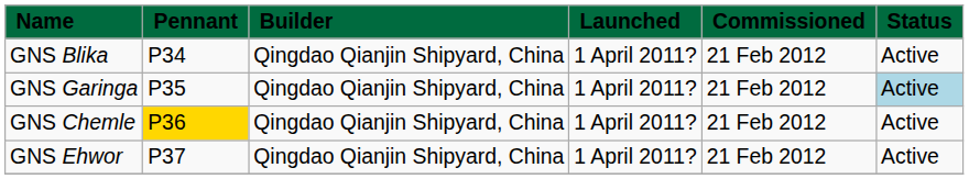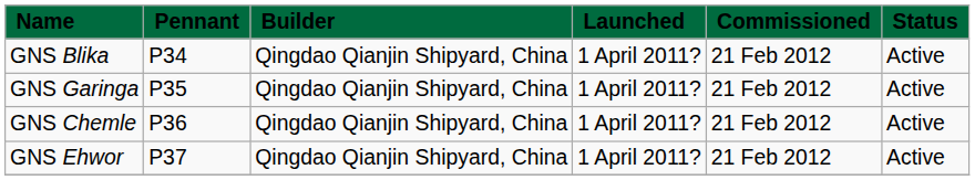 <table class="wikitable">
 <tr ---- bgcolor=#006b3f>
 <td><strong><span> Name </span></strong></td>
 <td><strong><span> Pennant </span></strong></td>
 <td><strong><span> Builder </span></strong></td>
 <td><strong><span> Launched </span></strong></td>
 <td><strong><span> Commissioned </span></strong></td>
 <td><strong><span> Status </span></strong></td>
 </tr>
 <tr>
 <td>GNS <em>Blika</em></td>
 <td>P34</td>
 <td>Qingdao Qianjin Shipyard, China</td>
 <td>1 April 2011?</td>
 <td>21 Feb 2012</td>
 <td>Active</td>
 </tr>
 <tr>
 <td> GNS <em>Garinga</em></td>
 <td>P35</td>
 <td>Qingdao Qianjin Shipyard, China</td>
 <td>1 April 2011?</td>
 <td>21 Feb 2012</td>
-<td style="background: lightblue;">Active</td>
+<td>Active</td>
 </tr>
 <tr>
 <td> GNS <em>Chemle</em></td>
-<td style="background: gold;">P36</td>
+<td>P36</td>
 <td>Qingdao Qianjin Shipyard, China</td>
 <td>1 April 2011?</td>
 <td>21 Feb 2012</td>
 <td>Active</td>
 </tr>
 <tr>
 <td>GNS <em>Ehwor</em></td>
 <td>P37</td>
 <td>Qingdao Qianjin Shipyard, China</td>
 <td>1 April 2011?</td>
 <td>21 Feb 2012</td>
 <td>Active</td>
 </tr>
 <tr>
 </tr>
 </table>
